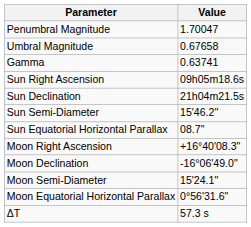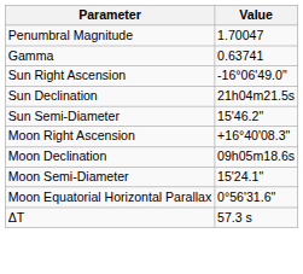 <table class="wikitable">
 <tr>
 <th>Parameter</th>
 <th>Value</th>
 </tr>
 <tr>
 <td>Penumbral Magnitude</td>
 <td>1.70047</td>
 </tr>
 <tr>
-<td>Umbral Magnitude</td>
-<td>0.67658</td>
-</tr>
-<tr>
 <td>Gamma</td>
 <td>0.63741</td>
 </tr>
 <tr>
 <td>Sun Right Ascension</td>
-<td>09h05m18.6s</td>
+<td>-16°06'49.0"</td>
 </tr>
 <tr>
 <td>Sun Declination</td>
 <td>21h04m21.5s</td>
 </tr>
 <tr>
 <td>Sun Semi-Diameter</td>
 <td>15'46.2"</td>
 </tr>
 <tr>
-<td>Sun Equatorial Horizontal Parallax</td>
-<td>08.7"</td>
-</tr>
-<tr>
 <td>Moon Right Ascension</td>
 <td>+16°40'08.3"</td>
 </tr>
 <tr>
 <td>Moon Declination</td>
-<td>-16°06'49.0"</td>
+<td>09h05m18.6s</td>
 </tr>
 <tr>
 <td>Moon Semi-Diameter</td>
 <td>15'24.1"</td>
 </tr>
 <tr>
 <td>Moon Equatorial Horizontal Parallax</td>
 <td>0°56'31.6"</td>
 </tr>
 <tr>
 <td>ΔT</td>
 <td>57.3 s</td>
 </tr>
 </table>
